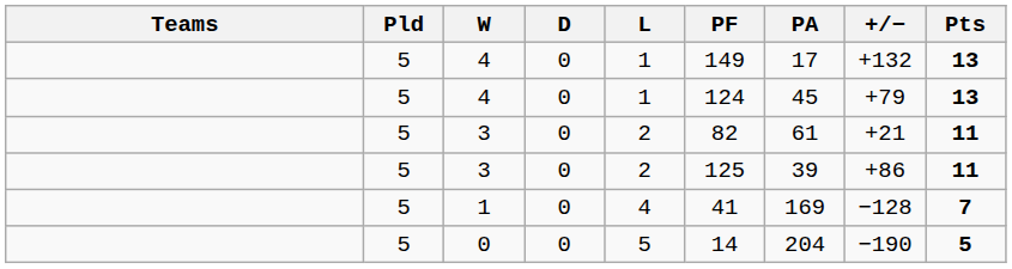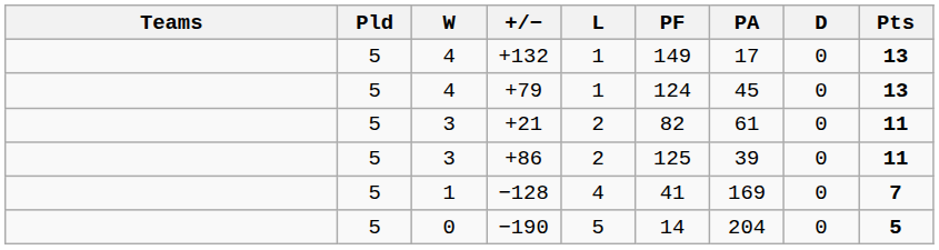 <table class="wikitable" style="text-align: center;">
 <tr>
 <th width="200">Teams</th>
 <th width="40">Pld</th>
 <th width="40">W</th>
-<th width="40">D</th>
+<th width="40">+/−</th>
 <th width="40">L</th>
 <th width="40">PF</th>
 <th width="40">PA</th>
-<th width="40">+/−</th>
+<th width="40">D</th>
 <th width="40">Pts</th>
 </tr>
 <tr>
 <td align=left></td>
 <td>5</td>
 <td>4</td>
-<td>0</td>
+<td>+132</td>
 <td>1</td>
 <td>149</td>
 <td>17</td>
-<td>+132</td>
+<td>0</td>
 <td><strong>13</strong></td>
 </tr>
 <tr>
 <td align=left></td>
 <td>5</td>
 <td>4</td>
-<td>0</td>
+<td>+79</td>
 <td>1</td>
 <td>124</td>
 <td>45</td>
-<td>+79</td>
+<td>0</td>
 <td><strong>13</strong></td>
 </tr>
 <tr>
 <td align=left></td>
 <td>5</td>
 <td>3</td>
-<td>0</td>
+<td>+21</td>
 <td>2</td>
 <td>82</td>
 <td>61</td>
-<td>+21</td>
+<td>0</td>
 <td><strong>11</strong></td>
 </tr>
 <tr>
 <td align=left></td>
 <td>5</td>
 <td>3</td>
-<td>0</td>
+<td>+86</td>
 <td>2</td>
 <td>125</td>
 <td>39</td>
-<td>+86</td>
+<td>0</td>
 <td><strong>11</strong></td>
 </tr>
 <tr>
 <td align=left></td>
 <td>5</td>
 <td>1</td>
-<td>0</td>
+<td>−128</td>
 <td>4</td>
 <td>41</td>
 <td>169</td>
-<td>−128</td>
+<td>0</td>
 <td><strong>7</strong></td>
 </tr>
 <tr>
 <td align=left></td>
 <td>5</td>
 <td>0</td>
-<td>0</td>
+<td>−190</td>
 <td>5</td>
 <td>14</td>
 <td>204</td>
-<td>−190</td>
+<td>0</td>
 <td><strong>5</strong></td>
 </tr>
 </table>
